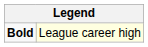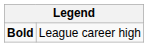 <table class="wikitable mw-collapsible mw-collapsed">
 <tr>
 <th colspan="2">Legend</th>
 </tr>
 <tr>
 <td><strong>Bold</strong></td>
-<td style="background: lightyellow;">League career high</td>
+<td>League career high</td>
 </tr>
 </table>
